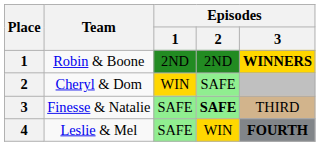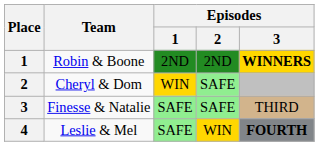 <table class="wikitable" style="text-align: center;">
 <tr>
 <th scope="col" rowspan="2">Place</th>
 <th scope="col" rowspan="2">Team</th>
 <th scope="col" colspan="3">Episodes</th>
 </tr>
 <tr>
 <th scope="col" style="width:40px">1</th>
 <th scope="col" style="width:40px">2</th>
 <th scope="col" style="width:40px">3</th>
 </tr>
 <tr>
 <th scope="row">1</th>
 <td><a href='#'>Robin</a> & Boone</td>
 <td style="background:forestgreen;">2ND</td>
 <td style="background:forestgreen;">2ND</td>
 <td style="background:gold;"><strong>WINNERS</strong></td>
 </tr>
 <tr>
 <th scope="row">2</th>
 <td><a href='#'>Cheryl</a> & Dom</td>
 <td style="background:gold;">WIN</td>
 <td style="background:lightgreen;">SAFE</td>
 <td style="background:silver;"></td>
 </tr>
 <tr>
 <th scope="row">3</th>
 <td><a href='#'>Finesse</a> & Natalie</td>
 <td style="background:lightgreen;">SAFE</td>
-<td style="background:lightgreen;"><strong>SAFE</strong></td>
+<td style="background:lightgreen;">SAFE</td>
 <td style="background:tan;">THIRD</td>
 </tr>
 <tr>
 <th scope="row">4</th>
 <td><a href='#'>Leslie</a> & Mel</td>
 <td style="background:lightgreen;">SAFE</td>
 <td style="background:gold;">WIN</td>
 <td style="background:#818589;"><strong>FOURTH</strong></td>
 </tr>
 </table>
